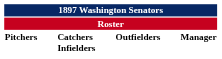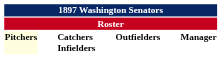 <table class="toccolours" style="font-size: 95%;">
 <tr>
 <th colspan="10" style="background-color: #072764; color: white; text-align: center;">1897 Washington Senators</th>
 </tr>
 <tr>
 <td colspan="10" style="background-color: #c6011f; color: white; text-align: center;"><strong>Roster</strong></td>
 </tr>
 <tr>
-<td valign="top"><strong>Pitchers</strong><br>        </td>
+<td valign="top" style="background: lightyellow;"><strong>Pitchers</strong><br>        </td>
 <td width="25px"></td>
 <td valign="top"><strong>Catchers</strong><br>  <strong>Infielders</strong>      </td>
 <td width="25px"></td>
 <td valign="top"><strong>Outfielders</strong><br>      </td>
 <td width="25px"></td>
 <td valign="top"><strong>Manager</strong><br> </td>
 </tr>
 <tr>
 </tr>
 </table>
